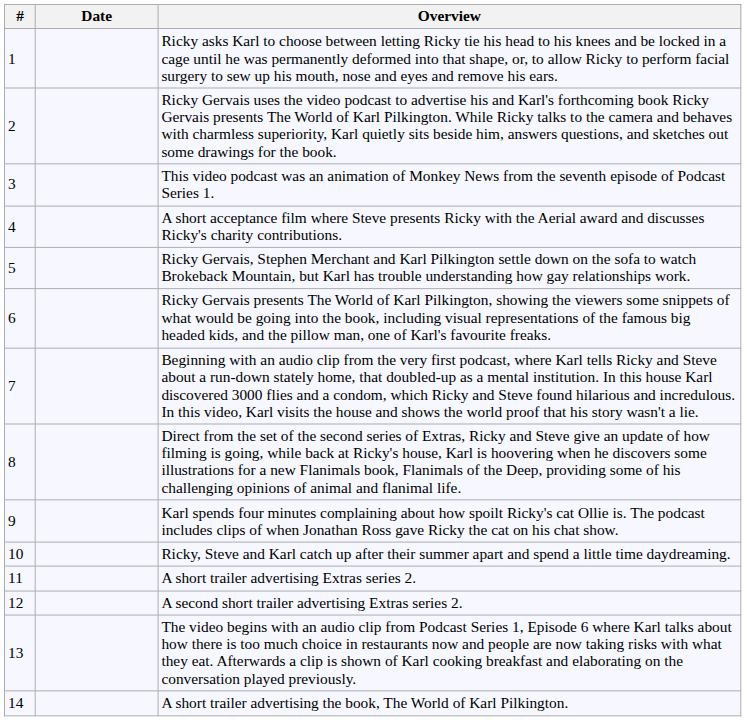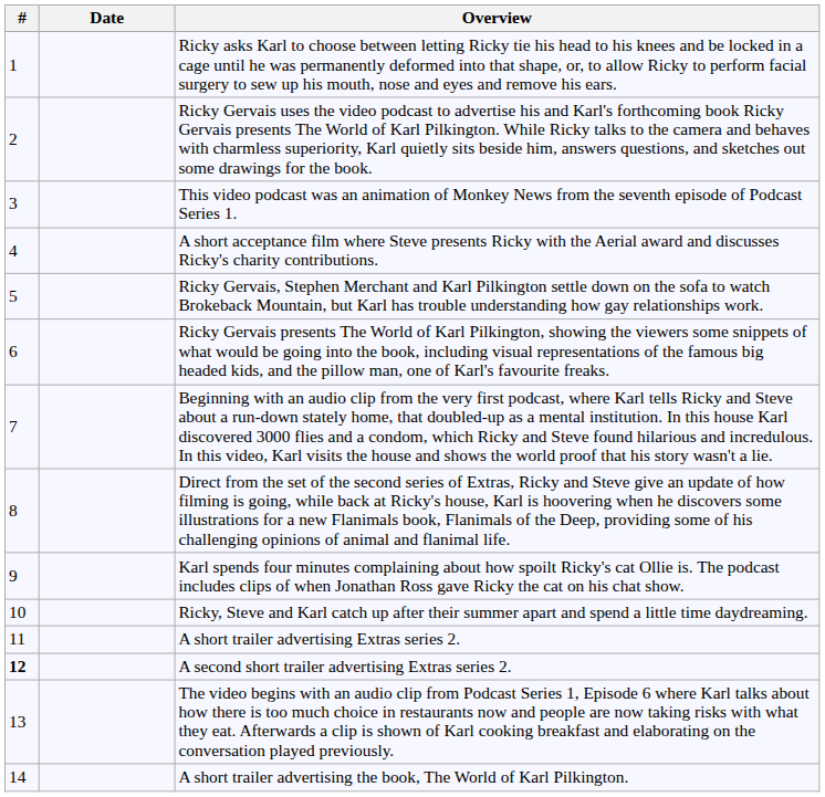 <table class="wikitable" style="border:1px; background-color:#f7f8ff" align=center cellpadding="7">
 <tr align="center" bgcolor="#e6e9ff">
 <th width="25">#</th>
 <th width="120">Date</th>
 <th width="600">Overview</th>
 </tr>
 <tr>
 <td>1</td>
 <td></td>
 <td>Ricky asks Karl to choose between letting Ricky tie his head to his knees and be locked in a cage until he was permanently deformed into that shape, or, to allow Ricky to perform facial surgery to sew up his mouth, nose and eyes and remove his ears.</td>
 </tr>
 <tr>
 <td>2</td>
 <td></td>
 <td>Ricky Gervais uses the video podcast to advertise his and Karl's forthcoming book Ricky Gervais presents The World of Karl Pilkington. While Ricky talks to the camera and behaves with charmless superiority, Karl quietly sits beside him, answers questions, and sketches out some drawings for the book.</td>
 </tr>
 <tr>
 <td>3</td>
 <td></td>
 <td>This video podcast was an animation of Monkey News from the seventh episode of Podcast Series 1.</td>
 </tr>
 <tr>
 <td>4</td>
 <td></td>
 <td>A short acceptance film where Steve presents Ricky with the Aerial award and discusses Ricky's charity contributions.</td>
 </tr>
 <tr>
 <td>5</td>
 <td></td>
 <td>Ricky Gervais, Stephen Merchant and Karl Pilkington settle down on the sofa to watch Brokeback Mountain, but Karl has trouble understanding how gay relationships work.</td>
 </tr>
 <tr>
 <td>6</td>
 <td></td>
 <td>Ricky Gervais presents The World of Karl Pilkington, showing the viewers some snippets of what would be going into the book, including visual representations of the famous big headed kids, and the pillow man, one of Karl's favourite freaks.</td>
 </tr>
 <tr>
 <td>7</td>
 <td></td>
 <td>Beginning with an audio clip from the very first podcast, where Karl tells Ricky and Steve about a run-down stately home, that doubled-up as a mental institution. In this house Karl discovered 3000 flies and a condom, which Ricky and Steve found hilarious and incredulous. In this video, Karl visits the house and shows the world proof that his story wasn't a lie.</td>
 </tr>
 <tr>
 <td>8</td>
 <td></td>
 <td>Direct from the set of the second series of Extras, Ricky and Steve give an update of how filming is going, while back at Ricky's house, Karl is hoovering when he discovers some illustrations for a new Flanimals book, Flanimals of the Deep, providing some of his challenging opinions of animal and flanimal life.</td>
 </tr>
 <tr>
 <td>9</td>
 <td></td>
 <td>Karl spends four minutes complaining about how spoilt Ricky's cat Ollie is. The podcast includes clips of when Jonathan Ross gave Ricky the cat on his chat show.</td>
 </tr>
 <tr>
 <td>10</td>
 <td></td>
 <td>Ricky, Steve and Karl catch up after their summer apart and spend a little time daydreaming.</td>
 </tr>
 <tr>
 <td>11</td>
 <td></td>
 <td>A short trailer advertising Extras series 2.</td>
 </tr>
 <tr>
-<td>12</td>
+<td><strong>12</strong></td>
 <td></td>
 <td>A second short trailer advertising Extras series 2.</td>
 </tr>
 <tr>
 <td>13</td>
 <td></td>
 <td>The video begins with an audio clip from Podcast Series 1, Episode 6 where Karl talks about how there is too much choice in restaurants now and people are now taking risks with what they eat. Afterwards a clip is shown of Karl cooking breakfast and elaborating on the conversation played previously.</td>
 </tr>
 <tr>
 <td>14</td>
 <td></td>
 <td>A short trailer advertising the book, The World of Karl Pilkington.</td>
 </tr>
 <tr>
 </tr>
 </table>
